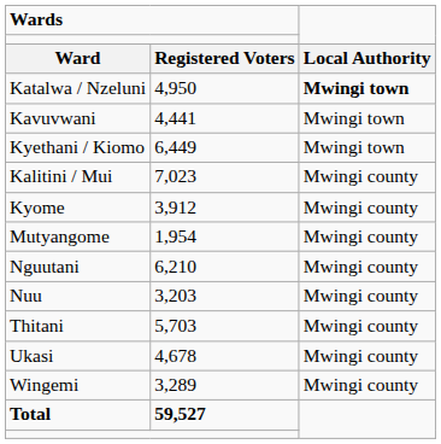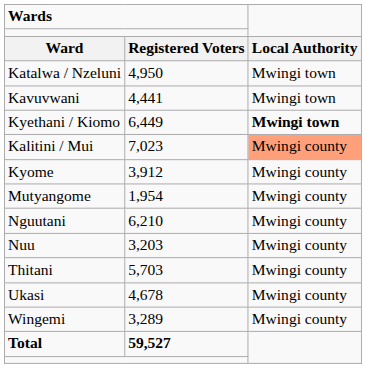 <table class="wikitable">
 <tr>
 <td colspan="2"><strong>Wards</strong></td>
 </tr>
 <tr>
 <td colspan="2"></td>
 </tr>
 <tr>
 <th>Ward</th>
 <th>Registered Voters</th>
 <th>Local Authority</th>
 </tr>
 <tr>
 <td>Katalwa / Nzeluni</td>
 <td>4,950</td>
-<td><strong>Mwingi town</strong></td>
+<td>Mwingi town</td>
 </tr>
 <tr>
 <td>Kavuvwani</td>
 <td>4,441</td>
 <td>Mwingi town</td>
 </tr>
 <tr>
 <td>Kyethani / Kiomo</td>
 <td>6,449</td>
-<td>Mwingi town</td>
+<td><strong>Mwingi town</strong></td>
 </tr>
 <tr>
 <td>Kalitini / Mui</td>
 <td>7,023</td>
-<td>Mwingi county</td>
+<td style="background: lightsalmon;">Mwingi county</td>
 </tr>
 <tr>
 <td>Kyome</td>
 <td>3,912</td>
 <td>Mwingi county</td>
 </tr>
 <tr>
 <td>Mutyangome</td>
 <td>1,954</td>
 <td>Mwingi county</td>
 </tr>
 <tr>
 <td>Nguutani</td>
 <td>6,210</td>
 <td>Mwingi county</td>
 </tr>
 <tr>
 <td>Nuu</td>
 <td>3,203</td>
 <td>Mwingi county</td>
 </tr>
 <tr>
 <td>Thitani</td>
 <td>5,703</td>
 <td>Mwingi county</td>
 </tr>
 <tr>
 <td>Ukasi</td>
 <td>4,678</td>
 <td>Mwingi county</td>
 </tr>
 <tr>
 <td>Wingemi</td>
 <td>3,289</td>
 <td>Mwingi county</td>
 </tr>
 <tr>
 <td><strong>Total</strong></td>
 <td><strong>59,527</strong></td>
 </tr>
 <tr>
 <td colspan="2"></td>
 </tr>
 </table>
